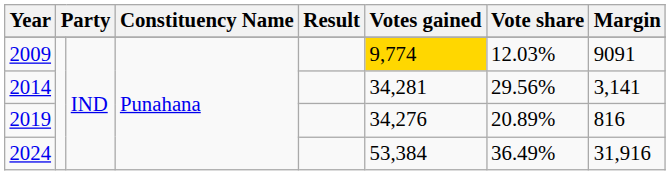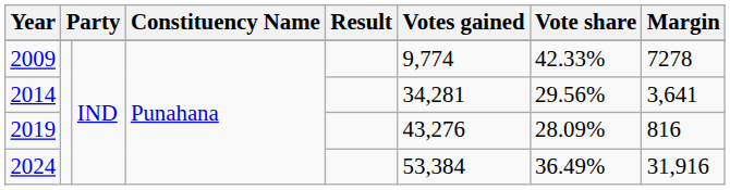 <table class="wikitable">
 <tr>
 <th>Year</th>
 <th colspan="2">Party</th>
 <th>Constituency Name</th>
 <th>Result</th>
 <th>Votes gained</th>
 <th>Vote share</th>
 <th>Margin</th>
 </tr>
 <tr>
 </tr>
 <tr>
 <td><a href='#'>2009</a></td>
 <td rowspan="4"></td>
 <td rowspan="4"><a href='#'>IND</a></td>
 <td rowspan="4" Punahana><a href='#'>Punahana</a></td>
 <td></td>
-<td style="background: gold;">9,774</td>
-<td>12.03%</td>
-<td>9091</td>
+<td>9,774</td>
+<td>42.33%</td>
+<td>7278</td>
 </tr>
 <tr>
 <td><a href='#'>2014</a></td>
 <td></td>
 <td>34,281</td>
 <td>29.56%</td>
-<td>3,141</td>
+<td>3,641</td>
 </tr>
 <tr>
 <td><a href='#'>2019</a></td>
 <td></td>
-<td>34,276</td>
-<td>20.89%</td>
+<td>43,276</td>
+<td>28.09%</td>
 <td>816</td>
 </tr>
 <tr>
 <td><a href='#'>2024</a></td>
 <td></td>
 <td>53,384</td>
 <td>36.49%</td>
 <td>31,916</td>
 </tr>
 </table>
